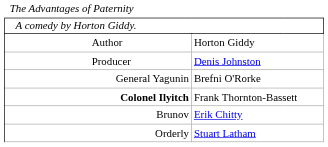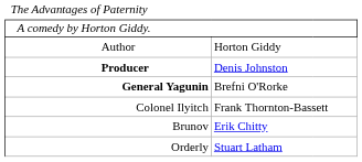 <table class="wikitable mw-collapsible mw-collapsed" style="vertical-align:top;margin:auto 2em;line-height:1.2;max-width:33em;background-color:inherit;border:none;">
 <tr>
 <td class=unsortable style="border:hidden;line-height:1.67;margin-left:-1em;text-align:center;padding-left:0.5em;min-width:1.0em;"></td>
 <td class=unsortable style="border-style:none;padding-left:0.5em;text-align:left;min-width:16.5em;font-weight:400;font-style:italic;">The Advantages of Paternity</td>
 <td class=unsortable style="border-style:none;text-align:right;font-weight:normal; font-size:95%; min-width:8.5em;padding-right:0.2em;"></td>
 <td class=unsortable style="border-style:none;min-width:3.5em;padding-left:0;"></td>
 <td class=unsortable style="border:hidden;min-width:3.5em;font-size:95%;"></td>
 </tr>
 <tr>
 <td rowspan=100 style="border:none thin;border-right-style :solid;"></td>
 <td colspan=3 style="text-align:left;padding:0.1em 1em;font-style:italic;border: solid thin;">A comedy by Horton Giddy.</td>
 </tr>
 <tr>
 <td style="text-align:left;padding-left:8em">Author</td>
 <td colspan=2>Horton Giddy</td>
 </tr>
 <tr>
-<td style="text-align:left;padding-left:8em">Producer</td>
+<td style="text-align:left;padding-left:8em"><strong>Producer</strong></td>
 <td colspan=2><a href='#'>Denis Johnston</a></td>
 </tr>
 <tr>
-<td style="text-align:right;">General Yagunin</td>
+<td style="text-align:right;"><strong>General Yagunin</strong></td>
 <td colspan=2>Brefni O'Rorke</td>
 </tr>
 <tr>
-<td style="text-align:right;"><strong>Colonel Ilyitch</strong></td>
+<td style="text-align:right;">Colonel Ilyitch</td>
 <td colspan=2>Frank Thornton-Bassett</td>
 </tr>
 <tr>
 <td style="text-align:right;">Brunov</td>
 <td colspan=2><a href='#'>Erik Chitty</a></td>
 </tr>
 <tr>
 <td style="text-align:right;">Orderly</td>
 <td colspan=2><a href='#'>Stuart Latham</a></td>
 </tr>
 </table>
